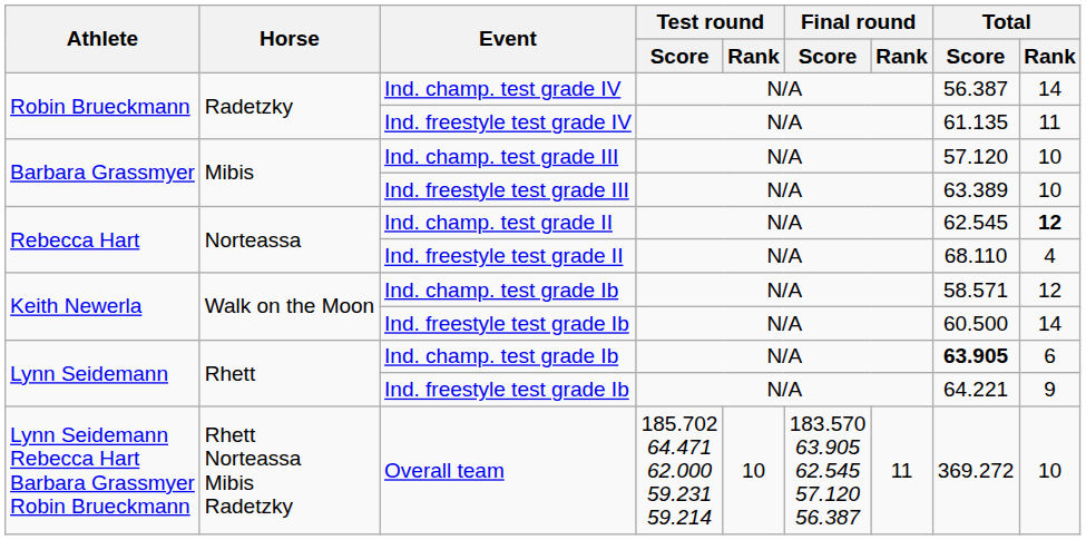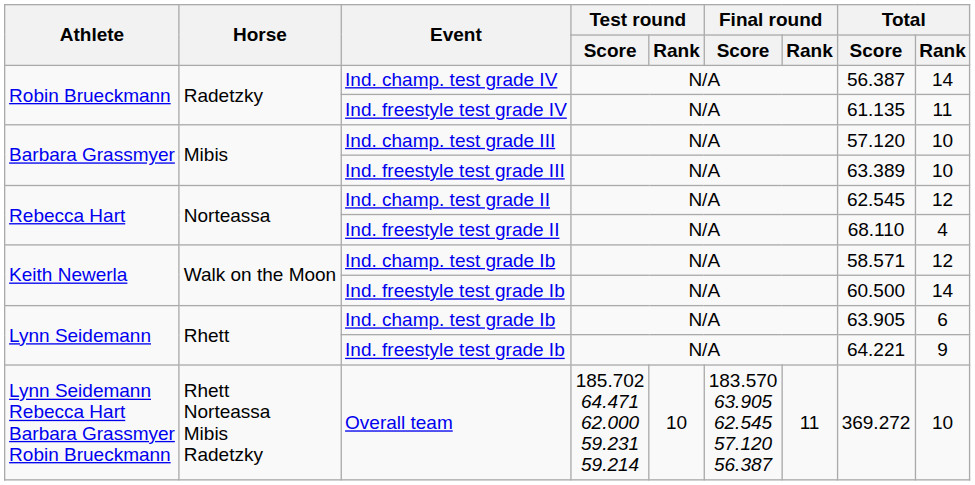 <table class=wikitable style="font-size:90%">
 <tr>
 <th rowspan="2">Athlete</th>
 <th rowspan="2">Horse</th>
 <th rowspan="2">Event</th>
 <th colspan="2">Test round</th>
 <th colspan="2">Final round</th>
 <th colspan="2">Total</th>
 </tr>
 <tr>
 <th>Score</th>
 <th>Rank</th>
 <th>Score</th>
 <th>Rank</th>
 <th>Score</th>
 <th>Rank</th>
 </tr>
 <tr>
 <td rowspan="2"><a href='#'>Robin Brueckmann</a></td>
 <td rowspan="2">Radetzky</td>
 <td><a href='#'>Ind. champ. test grade IV</a></td>
 <td align="center" colspan="4">N/A</td>
 <td align="center">56.387</td>
 <td align="center">14</td>
 </tr>
 <tr>
 <td><a href='#'>Ind. freestyle test grade IV</a></td>
 <td align="center" colspan="4">N/A</td>
 <td align="center">61.135</td>
 <td align="center">11</td>
 </tr>
 <tr>
 <td rowspan="2"><a href='#'>Barbara Grassmyer</a></td>
 <td rowspan="2">Mibis</td>
 <td><a href='#'>Ind. champ. test grade III</a></td>
 <td align="center" colspan="4">N/A</td>
 <td align="center">57.120</td>
 <td align="center">10</td>
 </tr>
 <tr>
 <td><a href='#'>Ind. freestyle test grade III</a></td>
 <td align="center" colspan="4">N/A</td>
 <td align="center">63.389</td>
 <td align="center">10</td>
 </tr>
 <tr>
 <td rowspan="2"><a href='#'>Rebecca Hart</a></td>
 <td rowspan="2">Norteassa</td>
 <td><a href='#'>Ind. champ. test grade II</a></td>
 <td align="center" colspan="4">N/A</td>
 <td align="center">62.545</td>
-<td align="center"><strong>12</strong></td>
+<td align="center">12</td>
 </tr>
 <tr>
 <td><a href='#'>Ind. freestyle test grade II</a></td>
 <td align="center" colspan="4">N/A</td>
 <td align="center">68.110</td>
 <td align="center">4</td>
 </tr>
 <tr>
 <td rowspan="2"><a href='#'>Keith Newerla</a></td>
 <td rowspan="2">Walk on the Moon</td>
 <td><a href='#'>Ind. champ. test grade Ib</a></td>
 <td align="center" colspan="4">N/A</td>
 <td align="center">58.571</td>
 <td align="center">12</td>
 </tr>
 <tr>
 <td><a href='#'>Ind. freestyle test grade Ib</a></td>
 <td align="center" colspan="4">N/A</td>
 <td align="center">60.500</td>
 <td align="center">14</td>
 </tr>
 <tr>
 <td rowspan="2"><a href='#'>Lynn Seidemann</a></td>
 <td rowspan="2">Rhett</td>
 <td><a href='#'>Ind. champ. test grade Ib</a></td>
 <td align="center" colspan="4">N/A</td>
-<td align="center"><strong>63.905</strong></td>
+<td align="center">63.905</td>
 <td align="center">6</td>
 </tr>
 <tr>
 <td><a href='#'>Ind. freestyle test grade Ib</a></td>
 <td align="center" colspan="4">N/A</td>
 <td align="center">64.221</td>
 <td align="center">9</td>
 </tr>
 <tr>
 <td><a href='#'>Lynn Seidemann</a><br><a href='#'>Rebecca Hart</a><br><a href='#'>Barbara Grassmyer</a><br><a href='#'>Robin Brueckmann</a></td>
 <td>Rhett<br>Norteassa<br>Mibis<br>Radetzky</td>
 <td><a href='#'>Overall team</a></td>
 <td align="center">185.702<br><em>64.471<br>62.000<br>59.231<br>59.214</em></td>
 <td align="center">10</td>
 <td align="center">183.570<br><em>63.905<br>62.545<br>57.120<br>56.387</em></td>
 <td align="center">11</td>
 <td align="center">369.272</td>
 <td align="center">10</td>
 </tr>
 </table>
